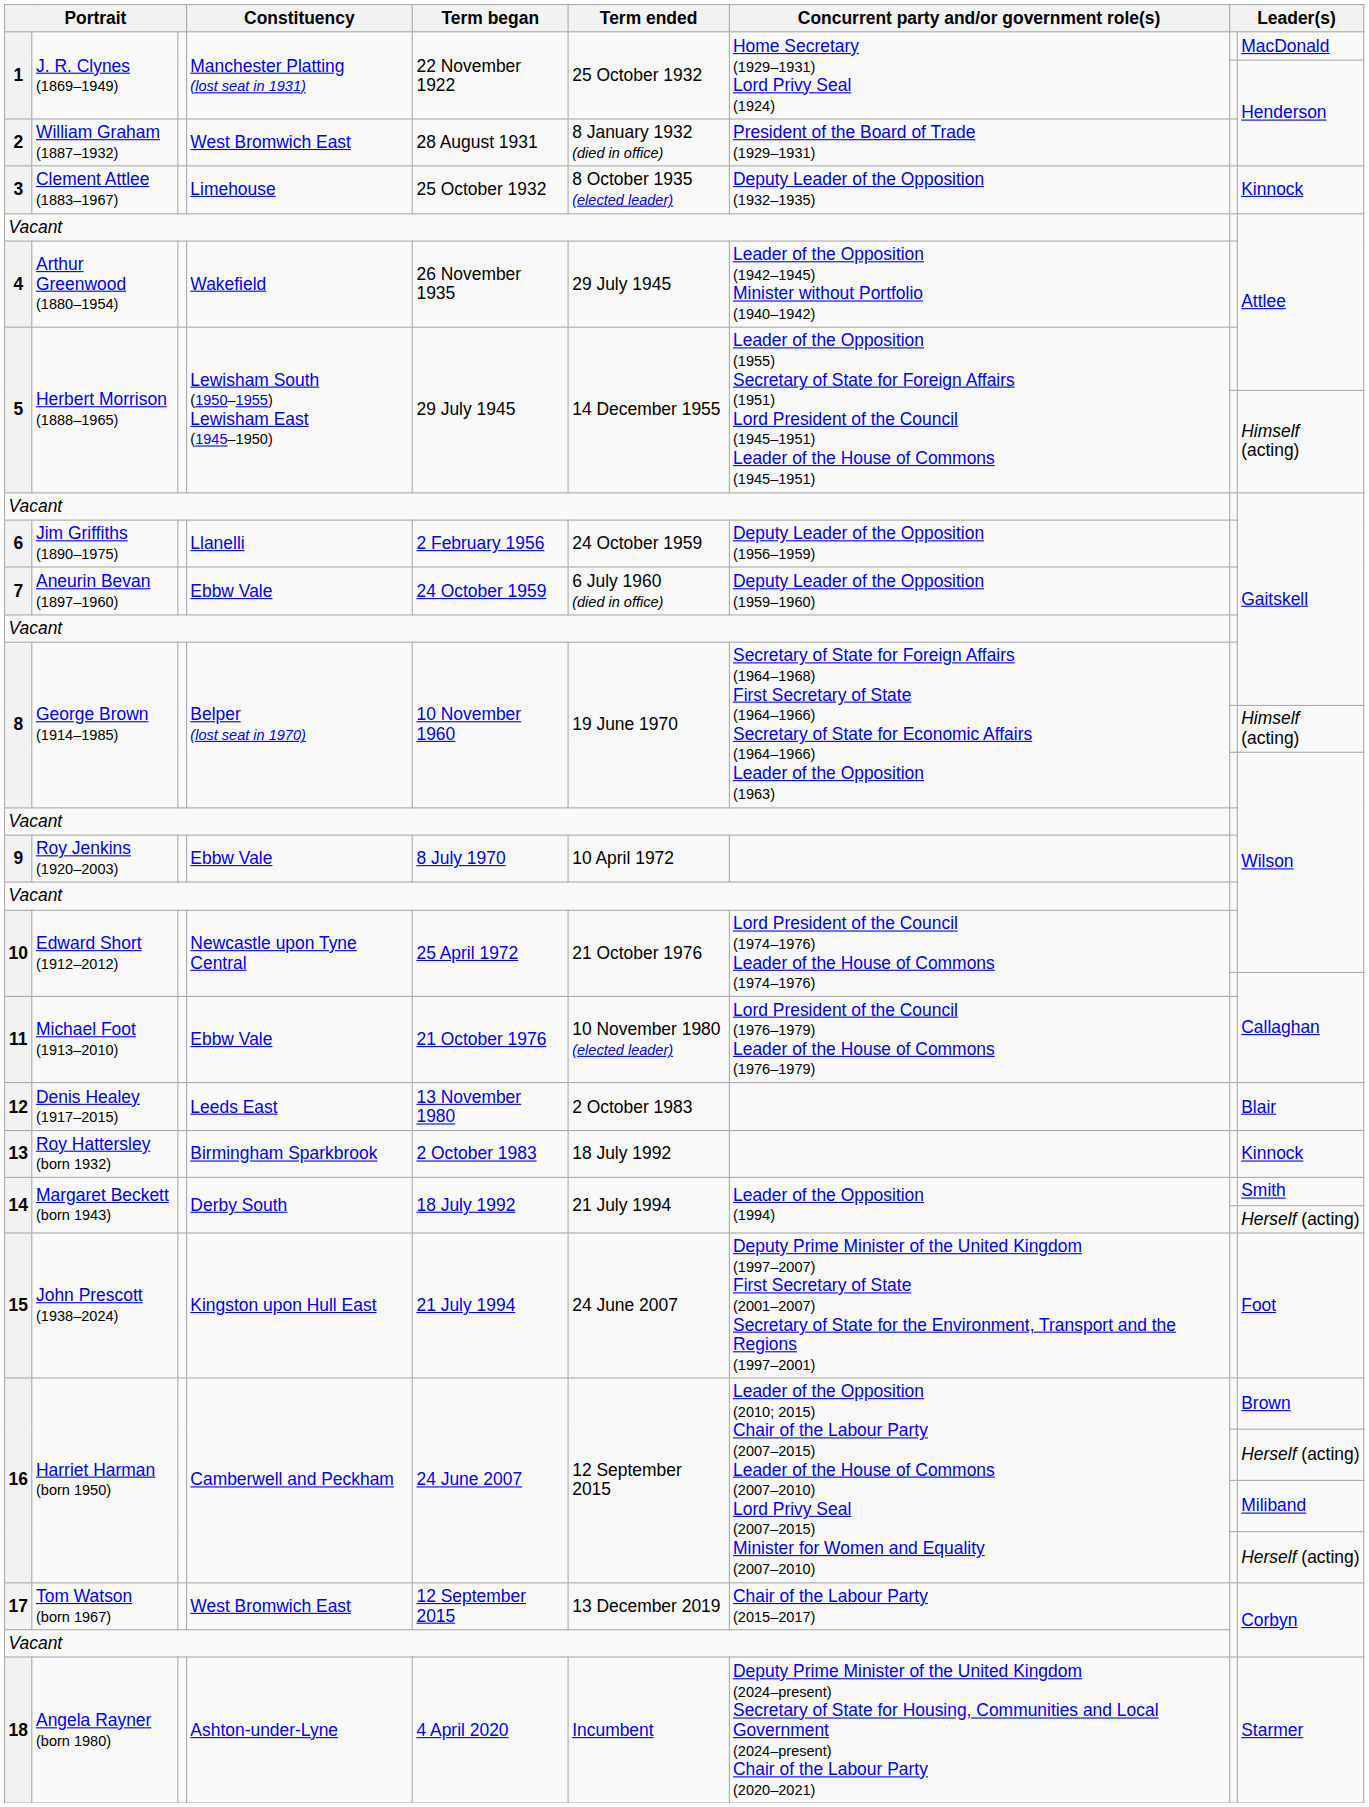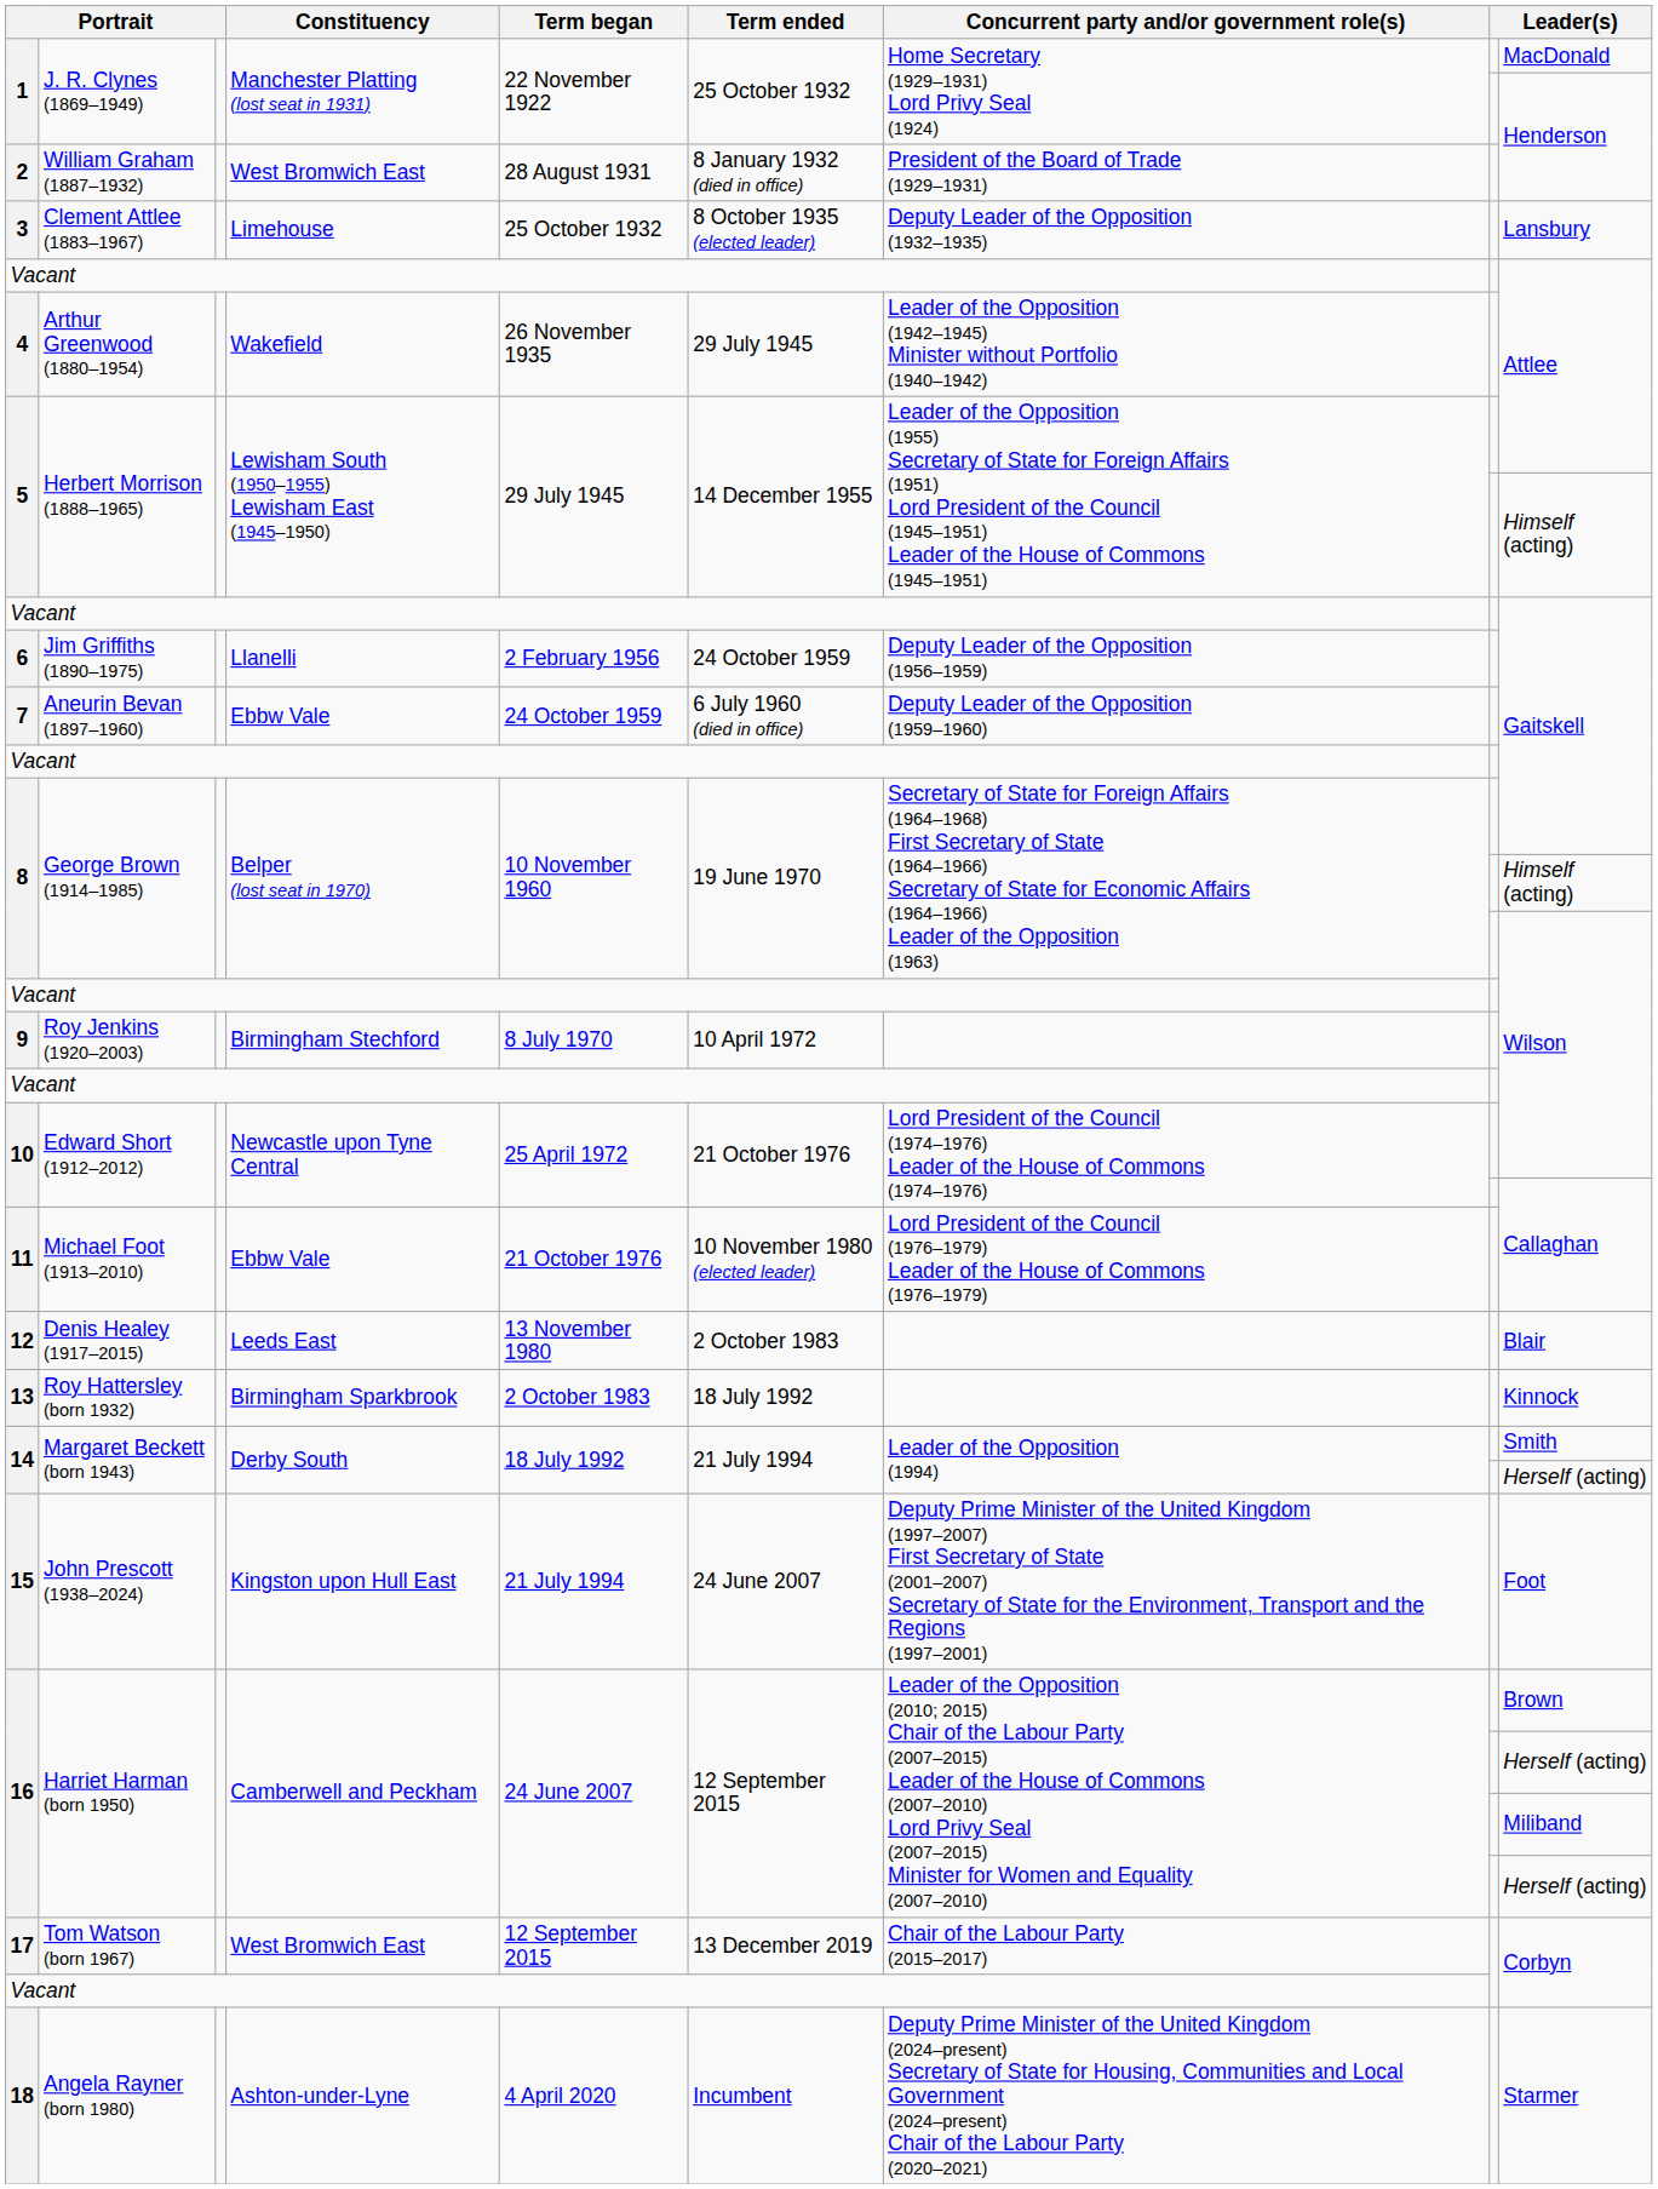 <table class="wikitable">
 <tr>
 <th colspan="3">Portrait</th>
 <th>Constituency</th>
 <th>Term began</th>
 <th>Term ended</th>
 <th>Concurrent party and/or government role(s)</th>
 <th colspan=2>Leader(s)</th>
 </tr>
 <tr>
 <th rowspan=2>1</th>
 <td rowspan=2><a href='#'>J. R. Clynes</a><br><small>(1869–1949)</small></td>
 <td rowspan=2></td>
 <td rowspan=2><a href='#'>Manchester Platting</a><br><small><em><a href='#'>(lost seat in 1931)</a></em></small></td>
 <td rowspan=2>22 November 1922</td>
 <td rowspan=2>25 October 1932</td>
 <td rowspan=2><a href='#'>Home Secretary</a><br><small>(1929–1931)</small><br><a href='#'>Lord Privy Seal</a><br><small>(1924)</small></td>
 <td style="background-color: "></td>
 <td><a href='#'>MacDonald</a></td>
 </tr>
 <tr>
 <td style="background-color: "></td>
 <td rowspan=2><a href='#'>Henderson</a></td>
 </tr>
 <tr>
 <th>2</th>
 <td><a href='#'>William Graham</a><br><small>(1887–1932)</small><br></td>
 <td></td>
 <td><a href='#'>West Bromwich East</a></td>
 <td>28 August 1931</td>
 <td>8 January 1932<br><small><em>(died in office)</em></small></td>
 <td><a href='#'>President of the Board of Trade</a><br><small>(1929–1931)</small></td>
 <td style="background-color: "></td>
 </tr>
 <tr>
 <th>3</th>
 <td><a href='#'>Clement Attlee</a><br><small>(1883–1967)</small></td>
 <td></td>
 <td><a href='#'>Limehouse</a></td>
 <td>25 October 1932</td>
 <td>8 October 1935<br><small><em><a href='#'>(elected leader)</a></em></small></td>
 <td><a href='#'>Deputy Leader of the Opposition</a><br><small>(1932–1935)</small></td>
 <td style="background-color: "></td>
-<td><a href='#'>Kinnock</a></td>
+<td><a href='#'>Lansbury</a></td>
 </tr>
 <tr>
 <td colspan=7><em>Vacant</em></td>
 <td style="background-color: "></td>
 <td rowspan=3><a href='#'>Attlee</a></td>
 </tr>
 <tr>
 <th>4</th>
 <td><a href='#'>Arthur Greenwood</a><br><small>(1880–1954)</small></td>
 <td></td>
 <td><a href='#'>Wakefield</a></td>
 <td>26 November 1935</td>
 <td>29 July 1945</td>
 <td><a href='#'>Leader of the Opposition</a><br><small>(1942–1945)</small><br><a href='#'>Minister without Portfolio</a><br><small>(1940–1942)</small></td>
 <td style="background-color: "></td>
 </tr>
 <tr>
 <th rowspan=2>5</th>
 <td rowspan=2><a href='#'>Herbert Morrison</a><br><small>(1888–1965)</small></td>
 <td rowspan=2></td>
 <td rowspan=2><a href='#'>Lewisham South</a><br><small>(<a href='#'>1950</a>–<a href='#'>1955</a>)</small><br><a href='#'>Lewisham East</a><br><small>(<a href='#'>1945</a>–1950)</small></td>
 <td rowspan=2>29 July 1945</td>
 <td rowspan=2>14 December 1955</td>
 <td rowspan=2><a href='#'>Leader of the Opposition</a><br><small>(1955)</small><br><a href='#'>Secretary of State for Foreign Affairs</a><br><small>(1951)</small><br><a href='#'>Lord President of the Council</a><br><small>(1945–1951)</small><br><a href='#'>Leader of the House of Commons</a><br><small>(1945–1951)</small></td>
 <td height=50 style="background-color: "></td>
 </tr>
 <tr>
 <td style="background-color: "></td>
 <td><em>Himself</em> (acting)</td>
 </tr>
 <tr>
 <td colspan=7><em>Vacant</em></td>
 <td style="background-color: "></td>
 <td rowspan=5><a href='#'>Gaitskell</a></td>
 </tr>
 <tr>
 <th>6</th>
 <td><a href='#'>Jim Griffiths</a><br><small>(1890–1975)</small></td>
 <td></td>
 <td><a href='#'>Llanelli</a></td>
 <td><a href='#'>2 February 1956</a></td>
 <td>24 October 1959</td>
 <td><a href='#'>Deputy Leader of the Opposition</a><br><small>(1956–1959)</small></td>
 <td style="background-color: "></td>
 </tr>
 <tr>
 <th>7</th>
 <td><a href='#'>Aneurin Bevan</a><br><small>(1897–1960)</small></td>
 <td></td>
 <td><a href='#'>Ebbw Vale</a></td>
 <td><a href='#'>24 October 1959</a></td>
 <td>6 July 1960<br><small><em>(died in office)</em></small></td>
 <td><a href='#'>Deputy Leader of the Opposition</a><br><small>(1959–1960)</small></td>
 <td style="background-color: "></td>
 </tr>
 <tr>
 <td colspan=7><em>Vacant</em></td>
 <td style="background-color: "></td>
 </tr>
 <tr>
 <th rowspan=3>8</th>
 <td rowspan=3><a href='#'>George Brown</a><br><small>(1914–1985)</small></td>
 <td rowspan=3></td>
 <td rowspan=3><a href='#'>Belper</a><br><small><em><a href='#'>(lost seat in 1970)</a></em></small></td>
 <td rowspan=3><a href='#'>10 November 1960</a></td>
 <td rowspan=3>19 June 1970</td>
 <td rowspan=3><a href='#'>Secretary of State for Foreign Affairs</a><br><small>(1964–1968)</small><br><a href='#'>First Secretary of State</a><br><small>(1964–1966)</small><br><a href='#'>Secretary of State for Economic Affairs</a><br><small>(1964–1966)</small><br><a href='#'>Leader of the Opposition</a><br><small>(1963)</small></td>
 <td height=50 style="background-color: "></td>
 </tr>
 <tr>
 <td style="background-color: "></td>
 <td><em>Himself</em> (acting)</td>
 </tr>
 <tr>
 <td style="background-color: "></td>
 <td rowspan=5><a href='#'>Wilson</a></td>
 </tr>
 <tr>
 <td colspan=7><em>Vacant</em></td>
 <td style="background-color: "></td>
 </tr>
 <tr>
 <th>9</th>
 <td><a href='#'>Roy Jenkins</a><br><small>(1920–2003)</small></td>
 <td></td>
-<td><a href='#'>Ebbw Vale</a></td>
+<td><a href='#'>Birmingham Stechford</a></td>
 <td><a href='#'>8 July 1970</a></td>
 <td>10 April 1972</td>
 <td></td>
 <td style="background-color: "></td>
 </tr>
 <tr>
 <td colspan=7><em>Vacant</em></td>
 <td style="background-color: "></td>
 </tr>
 <tr>
 <th rowspan=2>10</th>
 <td rowspan=2><a href='#'>Edward Short</a><br><small>(1912–2012)</small></td>
 <td rowspan=2></td>
 <td rowspan=2><a href='#'>Newcastle upon Tyne Central</a></td>
 <td rowspan=2><a href='#'>25 April 1972</a></td>
 <td rowspan=2>21 October 1976</td>
 <td rowspan=2><a href='#'>Lord President of the Council</a><br><small>(1974–1976)</small><br><a href='#'>Leader of the House of Commons</a><br><small>(1974–1976)</small></td>
 <td height=50 style="background-color: "></td>
 </tr>
 <tr>
 <td style="background-color: "></td>
 <td rowspan=2><a href='#'>Callaghan</a></td>
 </tr>
 <tr>
 <th>11</th>
 <td><a href='#'>Michael Foot</a><br><small>(1913–2010)</small></td>
 <td></td>
 <td><a href='#'>Ebbw Vale</a></td>
 <td><a href='#'>21 October 1976</a></td>
 <td nowrap>10 November 1980<br><small><em><a href='#'>(elected leader)</a></em></small></td>
 <td><a href='#'>Lord President of the Council</a><br><small>(1976–1979)</small><br><a href='#'>Leader of the House of Commons</a><br><small>(1976–1979)</small></td>
 <td style="background-color: "></td>
 </tr>
 <tr>
 <th>12</th>
 <td><a href='#'>Denis Healey</a><br><small>(1917–2015)</small></td>
 <td></td>
 <td><a href='#'>Leeds East</a></td>
 <td><a href='#'>13 November 1980</a></td>
 <td>2 October 1983</td>
 <td></td>
 <td style="background-color: "></td>
 <td><a href='#'>Blair</a></td>
 </tr>
 <tr>
 <th>13</th>
 <td><a href='#'>Roy Hattersley</a><br><small>(born 1932)</small></td>
 <td></td>
 <td><a href='#'>Birmingham Sparkbrook</a></td>
 <td><a href='#'>2 October 1983</a></td>
 <td>18 July 1992</td>
 <td></td>
 <td style="background-color: "></td>
 <td><a href='#'>Kinnock</a></td>
 </tr>
 <tr>
 <th rowspan=2>14</th>
 <td rowspan=2><a href='#'>Margaret Beckett</a><br><small>(born 1943)</small></td>
 <td rowspan=2></td>
 <td rowspan=2><a href='#'>Derby South</a></td>
 <td rowspan=2><a href='#'>18 July 1992</a></td>
 <td rowspan=2>21 July 1994</td>
 <td rowspan=2><a href='#'>Leader of the Opposition</a><br><small>(1994)</small></td>
 <td style="background-color: "></td>
 <td><a href='#'>Smith</a></td>
 </tr>
 <tr>
 <td style="background-color: "></td>
 <td><em>Herself</em> (acting)</td>
 </tr>
 <tr>
 <th>15</th>
 <td><a href='#'>John Prescott</a><br><small>(1938–2024)</small></td>
 <td></td>
 <td><a href='#'>Kingston upon Hull East</a></td>
 <td><a href='#'>21 July 1994</a></td>
 <td>24 June 2007</td>
 <td><a href='#'>Deputy Prime Minister of the United Kingdom</a><br><small>(1997–2007)</small><br><a href='#'>First Secretary of State</a><br><small>(2001–2007)</small><br><a href='#'>Secretary of State for the Environment, Transport and the Regions</a><br><small>(1997–2001)</small></td>
 <td style="background-color: "></td>
 <td><a href='#'>Foot</a></td>
 </tr>
 <tr>
 <th rowspan=4>16</th>
 <td rowspan=4><a href='#'>Harriet Harman</a><br><small>(born 1950)</small></td>
 <td rowspan=4></td>
 <td rowspan=4><a href='#'>Camberwell and Peckham</a></td>
 <td rowspan=4><a href='#'>24 June 2007</a></td>
 <td rowspan=4>12 September 2015</td>
 <td rowspan=4><a href='#'>Leader of the Opposition</a><br><small>(2010; 2015)</small><br><a href='#'>Chair of the Labour Party</a><br><small>(2007–2015)</small><br><a href='#'>Leader of the House of Commons</a><br><small>(2007–2010)</small><br><a href='#'>Lord Privy Seal</a><br><small>(2007–2015)</small><br><a href='#'>Minister for Women and Equality</a><br><small>(2007–2010)</small></td>
 <td style="background-color: "></td>
 <td><a href='#'>Brown</a></td>
 </tr>
 <tr>
 <td style="background-color: "></td>
 <td><em>Herself</em> (acting)</td>
 </tr>
 <tr>
 <td style="background-color: "></td>
 <td><a href='#'>Miliband</a></td>
 </tr>
 <tr>
 <td style="background-color: "></td>
 <td><em>Herself</em> (acting)</td>
 </tr>
 <tr>
 <th>17</th>
 <td><a href='#'>Tom Watson</a><br><small>(born 1967)</small></td>
 <td></td>
 <td><a href='#'>West Bromwich East</a></td>
 <td><a href='#'>12 September 2015</a></td>
 <td>13 December 2019</td>
 <td><a href='#'>Chair of the Labour Party</a><br><small>(2015–2017)</small></td>
 <td rowspan=2 style="background-color: "></td>
 <td rowspan=2><a href='#'>Corbyn</a></td>
 </tr>
 <tr>
 <td colspan=7><em>Vacant</em></td>
 </tr>
 <tr>
 <th>18</th>
 <td><a href='#'>Angela Rayner</a><br><small>(born 1980)</small></td>
 <td></td>
 <td><a href='#'>Ashton-under-Lyne</a></td>
 <td><a href='#'>4 April 2020</a></td>
 <td><a href='#'>Incumbent</a></td>
 <td><a href='#'>Deputy Prime Minister of the United Kingdom</a><br><small>(2024–present)</small><br><a href='#'>Secretary of State for Housing, Communities and Local Government</a><br><small>(2024–present)</small><br><a href='#'>Chair of the Labour Party</a><br><small>(2020–2021)</small></td>
 <td style="background-color: "></td>
 <td><a href='#'>Starmer</a></td>
 </tr>
 </table>
